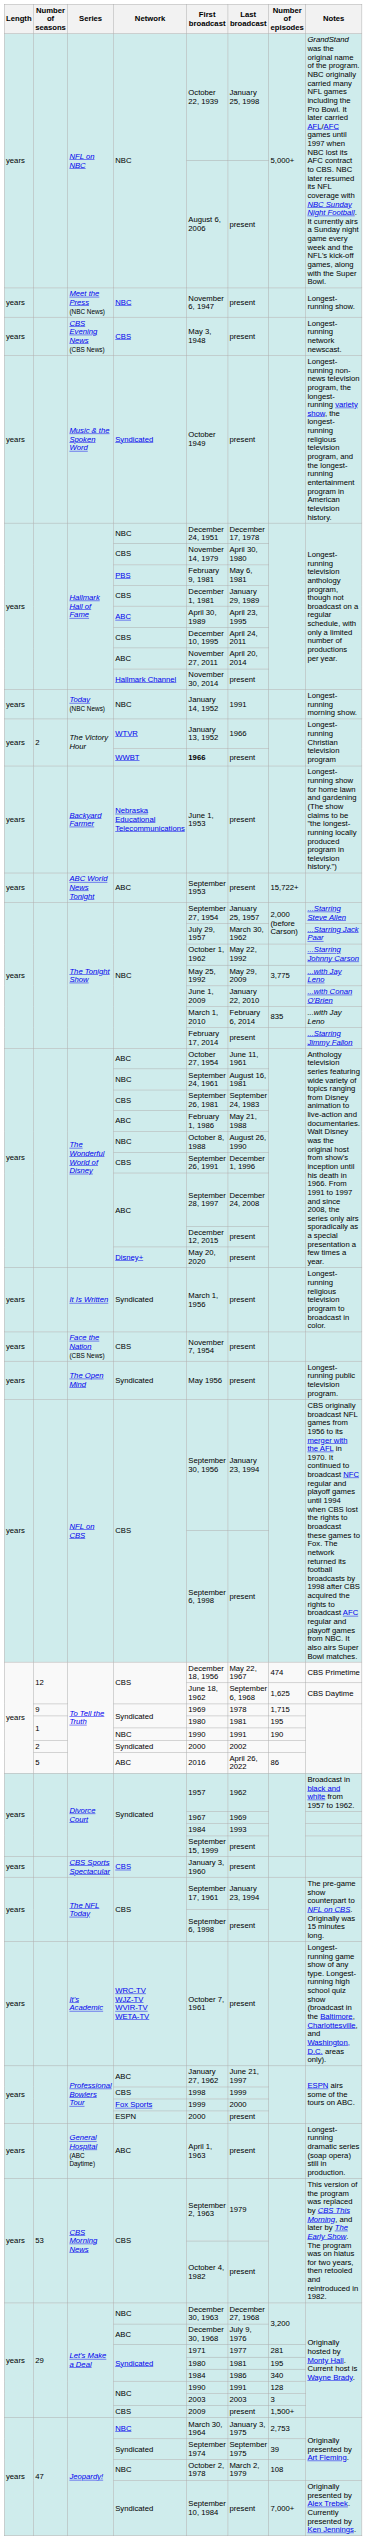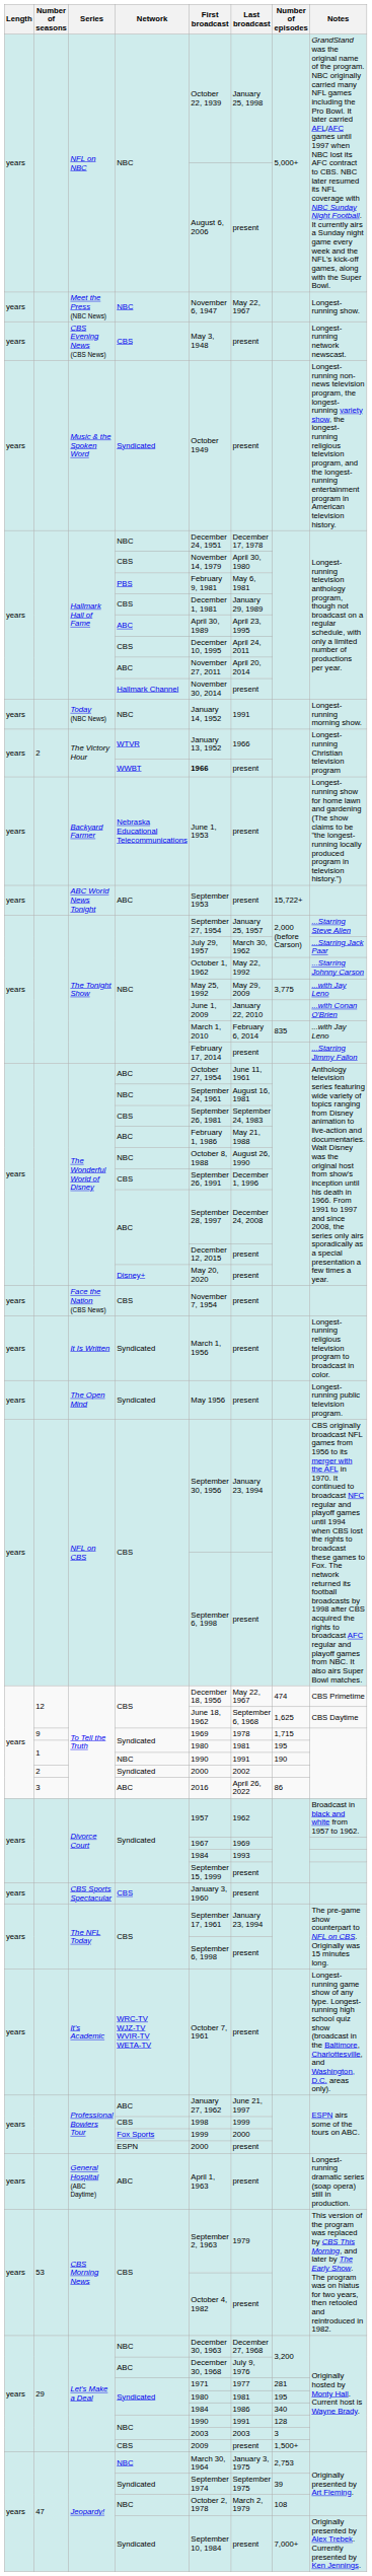 <table class="wikitable sortable">
 <tr>
 <th>Length</th>
 <th>Number of seasons</th>
 <th>Series</th>
 <th>Network</th>
 <th>First broadcast</th>
 <th>Last broadcast</th>
 <th data-sort- type="number">Number of episodes</th>
 <th class="unsortable">Notes</th>
 </tr>
 <tr style="background:#cfecec;">
 <td rowspan="2"> years</td>
 <td rowspan="2"></td>
 <td rowspan="2"><em><a href='#'>NFL on NBC</a></em></td>
 <td rowspan="2">NBC</td>
 <td>October 22, 1939</td>
 <td>January 25, 1998</td>
 <td rowspan="2">5,000+</td>
 <td rowspan="2"><em>GrandStand</em> was the original name of the program. NBC originally carried many NFL games including the Pro Bowl. It later carried <a href='#'>AFL</a>/<a href='#'>AFC</a> games until 1997 when NBC lost its AFC contract to CBS. NBC later resumed its NFL coverage with <em><a href='#'>NBC Sunday Night Football</a></em>. It currently airs a Sunday night game every week and the NFL's kick-off games, along with the Super Bowl.</td>
 </tr>
 <tr style="background:#cfecec;">
 <td>August 6, 2006</td>
 <td>present</td>
 </tr>
 <tr style="background:#cfecec;">
 <td> years</td>
 <td></td>
 <td><em><a href='#'>Meet the Press</a></em><br><small>(NBC News)</small></td>
 <td><a href='#'>NBC</a></td>
 <td>November 6, 1947</td>
-<td>present</td>
+<td>May 22, 1967</td>
 <td></td>
 <td>Longest-running show.</td>
 </tr>
 <tr style="background:#cfecec;">
 <td> years</td>
 <td></td>
 <td><em><a href='#'>CBS Evening News</a></em><br><small>(CBS News)</small><br></td>
 <td><a href='#'>CBS</a></td>
 <td>May 3, 1948</td>
 <td>present</td>
 <td></td>
 <td>Longest-running network newscast.</td>
 </tr>
 <tr style="background:#cfecec;">
 <td> years</td>
 <td></td>
 <td><em><a href='#'>Music & the Spoken Word</a></em></td>
 <td><a href='#'>Syndicated</a></td>
 <td>October 1949</td>
 <td>present</td>
 <td></td>
 <td>Longest-running non-news television program, the longest-running <a href='#'>variety show</a>, the longest-running religious television program, and the longest-running entertainment program in American television history.</td>
 </tr>
 <tr style="background:#cfecec;">
 <td rowspan="8"> years</td>
 <td rowspan="8"></td>
 <td rowspan="8"><em><a href='#'>Hallmark Hall of Fame</a></em></td>
 <td>NBC</td>
 <td>December 24, 1951</td>
 <td>December 17, 1978</td>
 <td rowspan="8"></td>
 <td rowspan="8">Longest-running television anthology program, though not broadcast on a regular schedule, with only a limited number of productions per year.</td>
 </tr>
 <tr style="background:#cfecec;">
 <td>CBS</td>
 <td>November 14, 1979</td>
 <td>April 30, 1980</td>
 </tr>
 <tr style="background:#cfecec;">
 <td><a href='#'>PBS</a></td>
 <td>February 9, 1981</td>
 <td>May 6, 1981</td>
 </tr>
 <tr style="background:#cfecec;">
 <td>CBS</td>
 <td>December 1, 1981</td>
 <td>January 29, 1989</td>
 </tr>
 <tr style="background:#cfecec;">
 <td><a href='#'>ABC</a></td>
 <td>April 30, 1989</td>
 <td>April 23, 1995</td>
 </tr>
 <tr style="background:#cfecec;">
 <td>CBS</td>
 <td>December 10, 1995</td>
 <td>April 24, 2011</td>
 </tr>
 <tr style="background:#cfecec;">
 <td>ABC</td>
 <td>November 27, 2011</td>
 <td>April 20, 2014</td>
 </tr>
 <tr style="background:#cfecec;">
 <td><a href='#'>Hallmark Channel</a></td>
 <td>November 30, 2014</td>
 <td>present</td>
 </tr>
 <tr style="background:#cfecec;">
 <td> years</td>
 <td></td>
 <td><em><a href='#'>Today</a></em> <br><small>(NBC News)</small><br></td>
 <td>NBC</td>
 <td>January 14, 1952</td>
 <td>1991</td>
 <td> </td>
 <td>Longest-running morning show.</td>
 </tr>
 <tr style="background:#cfecec;">
 <td rowspan="2"> years</td>
 <td rowspan="2">2</td>
 <td rowspan="2"><em>The Victory Hour</em></td>
 <td><a href='#'>WTVR</a></td>
 <td>January 13, 1952</td>
 <td>1966</td>
 <td rowspan="2"></td>
 <td rowspan="2">Longest-running Christian television program</td>
 </tr>
 <tr style="background:#cfecec;">
 <td><a href='#'>WWBT</a></td>
 <td><strong>1966</strong></td>
 <td>present</td>
 </tr>
 <tr style="background:#cfecec;">
 <td> years</td>
 <td></td>
 <td><em><a href='#'>Backyard Farmer</a></em></td>
 <td><a href='#'>Nebraska Educational Telecommunications</a></td>
 <td>June 1, 1953</td>
 <td>present</td>
 <td></td>
 <td>Longest-running show for home lawn and gardening (The show claims to be "the longest-running locally produced program in television history.")</td>
 </tr>
 <tr style="background:#cfecec;">
 <td> years</td>
 <td></td>
 <td><em><a href='#'>ABC World News Tonight</a></em></td>
 <td>ABC</td>
 <td>September 1953</td>
 <td>present</td>
 <td>15,722+</td>
 <td></td>
 </tr>
 <tr style="background:#cfecec;">
 <td rowspan="7"> years</td>
 <td rowspan="7"></td>
 <td rowspan="7"><em><a href='#'>The Tonight Show</a></em></td>
 <td rowspan="7">NBC</td>
 <td>September 27, 1954</td>
 <td>January 25, 1957</td>
 <td rowspan="2">2,000 (before Carson)</td>
 <td><em><a href='#'>...Starring Steve Allen</a></em></td>
 </tr>
 <tr style="background:#cfecec;">
 <td>July 29, 1957</td>
 <td>March 30, 1962</td>
 <td><em><a href='#'>...Starring Jack Paar</a></em></td>
 </tr>
 <tr style="background:#cfecec;">
 <td>October 1, 1962</td>
 <td>May 22, 1992</td>
 <td></td>
 <td><em><a href='#'>...Starring Johnny Carson</a></em></td>
 </tr>
 <tr style="background:#cfecec;">
 <td>May 25, 1992</td>
 <td>May 29, 2009</td>
 <td>3,775</td>
 <td><em><a href='#'>...with Jay Leno</a></em></td>
 </tr>
 <tr style="background:#cfecec;">
 <td>June 1, 2009</td>
 <td>January 22, 2010</td>
 <td></td>
 <td><em><a href='#'>...with Conan O'Brien</a></em></td>
 </tr>
 <tr style="background:#cfecec;">
 <td>March 1, 2010</td>
 <td>February 6, 2014</td>
 <td>835</td>
 <td><em>...with Jay Leno</em></td>
 </tr>
 <tr style="background:#cfecec;">
 <td>February 17, 2014</td>
 <td>present</td>
 <td></td>
 <td><em><a href='#'>...Starring Jimmy Fallon</a></em></td>
 </tr>
 <tr style="background:#cfecec;">
 <td rowspan="9"> years</td>
 <td rowspan="9"></td>
 <td rowspan="9"><em><a href='#'>The Wonderful World of Disney</a></em></td>
 <td>ABC</td>
 <td>October 27, 1954</td>
 <td>June 11, 1961</td>
 <td rowspan="9"></td>
 <td rowspan="9">Anthology television series featuring wide variety of topics ranging from Disney animation to live-action and documentaries. Walt Disney was the original host from show's inception until his death in 1966. From 1991 to 1997 and since 2008, the series only airs sporadically as a special presentation a few times a year.</td>
 </tr>
 <tr style="background:#cfecec;">
 <td>NBC</td>
 <td>September 24, 1961</td>
 <td>August 16, 1981</td>
 </tr>
 <tr style="background:#cfecec;">
 <td>CBS</td>
 <td>September 26, 1981</td>
 <td>September 24, 1983</td>
 </tr>
 <tr style="background:#cfecec;">
 <td>ABC</td>
 <td>February 1, 1986</td>
 <td>May 21, 1988</td>
 </tr>
 <tr style="background:#cfecec;">
 <td>NBC</td>
 <td>October 8, 1988</td>
 <td>August 26, 1990</td>
 </tr>
 <tr style="background:#cfecec;">
 <td>CBS</td>
 <td>September 26, 1991</td>
 <td>December 1, 1996</td>
 </tr>
 <tr style="background:#cfecec;">
 <td rowspan=2>ABC</td>
 <td>September 28, 1997</td>
 <td>December 24, 2008</td>
 </tr>
 <tr style="background:#cfecec;">
 <td>December 12, 2015</td>
 <td>present</td>
 </tr>
 <tr style="background:#cfecec;">
 <td><a href='#'>Disney+</a></td>
 <td>May 20, 2020</td>
 <td>present</td>
 </tr>
 <tr style="background:#cfecec;">
 <td> years</td>
 <td></td>
+<td><em><a href='#'>Face the Nation</a></em><br><small>(CBS News)</small></td>
+<td>CBS</td>
+<td>November 7, 1954</td>
+<td>present</td>
+<td></td>
+<td></td>
+</tr>
+<tr style="background:#cfecec;">
+<td> years</td>
+<td></td>
 <td><em><a href='#'>It Is Written</a></em></td>
 <td>Syndicated</td>
 <td>March 1, 1956</td>
 <td>present</td>
 <td></td>
 <td>Longest-running religious television program to broadcast in color.</td>
-</tr>
-<tr style="background:#cfecec;">
-<td> years</td>
-<td></td>
-<td><em><a href='#'>Face the Nation</a></em><br><small>(CBS News)</small></td>
-<td>CBS</td>
-<td>November 7, 1954</td>
-<td>present</td>
-<td></td>
-<td></td>
 </tr>
 <tr style="background:#cfecec;">
 <td> years</td>
 <td></td>
 <td><em><a href='#'>The Open Mind</a></em></td>
 <td>Syndicated</td>
 <td>May 1956</td>
 <td>present</td>
 <td></td>
 <td>Longest-running public television program.</td>
 </tr>
 <tr style="background:#cfecec;">
 <td rowspan="2"> years</td>
 <td rowspan="2"></td>
 <td rowspan="2"><em><a href='#'>NFL on CBS</a></em></td>
 <td rowspan="2">CBS</td>
 <td>September 30, 1956</td>
 <td>January 23, 1994</td>
 <td rowspan="2"></td>
 <td rowspan="2">CBS originally broadcast NFL games from 1956 to its <a href='#'>merger with the AFL</a> in 1970. It continued to broadcast <a href='#'>NFC</a> regular and playoff games until 1994 when CBS lost the rights to broadcast these games to Fox. The network returned its football broadcasts by 1998 after CBS acquired the rights to broadcast <a href='#'>AFC</a> regular and playoff games from NBC. It also airs Super Bowl matches.</td>
 </tr>
 <tr style="background:#cfecec;">
 <td>September 6, 1998</td>
 <td>present</td>
 </tr>
 <tr>
 <td rowspan="7"> years</td>
 <td rowspan="2">12</td>
 <td rowspan="7"><em><a href='#'>To Tell the Truth</a></em></td>
 <td rowspan="2">CBS</td>
 <td>December 18, 1956</td>
 <td>May 22, 1967</td>
 <td>474</td>
 <td>CBS Primetime</td>
 </tr>
 <tr>
 <td>June 18, 1962</td>
 <td>September 6, 1968</td>
 <td>1,625</td>
 <td>CBS Daytime</td>
 </tr>
 <tr>
 <td>9</td>
 <td rowspan="2">Syndicated</td>
 <td>1969</td>
 <td>1978</td>
 <td>1,715</td>
 <td rowspan="5"></td>
 </tr>
 <tr>
 <td rowspan="2">1</td>
 <td>1980</td>
 <td>1981</td>
 <td>195</td>
 </tr>
 <tr>
 <td>NBC</td>
 <td>1990</td>
 <td>1991</td>
 <td>190</td>
 </tr>
 <tr>
 <td>2</td>
 <td>Syndicated</td>
 <td>2000</td>
 <td>2002</td>
 <td></td>
 </tr>
 <tr>
-<td>5</td>
+<td>3</td>
 <td>ABC</td>
 <td>2016</td>
 <td>April 26, 2022</td>
 <td>86</td>
 </tr>
 <tr style="background:#cfecec;">
 <td rowspan="4"> years</td>
 <td rowspan="4"></td>
 <td rowspan="4"><em><a href='#'>Divorce Court</a></em></td>
 <td rowspan="4">Syndicated</td>
 <td>1957</td>
 <td>1962</td>
 <td rowspan="4"></td>
 <td>Broadcast in <a href='#'>black and white</a> from 1957 to 1962.</td>
 </tr>
 <tr style="background:#cfecec;">
 <td>1967</td>
 <td>1969</td>
 <td></td>
 </tr>
 <tr style="background:#cfecec;">
 <td>1984</td>
 <td>1993</td>
 <td></td>
 </tr>
 <tr style="background:#cfecec;">
 <td>September 15, 1999</td>
 <td>present</td>
 <td></td>
 </tr>
 <tr style="background:#cfecec;">
 <td> years</td>
 <td></td>
 <td><em><a href='#'>CBS Sports Spectacular</a></em></td>
 <td><a href='#'>CBS</a></td>
 <td>January 3, 1960</td>
 <td>present</td>
 <td></td>
 <td></td>
 </tr>
 <tr style="background:#cfecec;">
 <td rowspan=2> years</td>
 <td rowspan=2></td>
 <td rowspan=2><em><a href='#'>The NFL Today</a></em></td>
 <td rowspan=2>CBS</td>
 <td>September 17, 1961</td>
 <td>January 23, 1994</td>
 <td rowspan=2></td>
 <td rowspan=2>The pre-game show counterpart to <em><a href='#'>NFL on CBS</a></em>. Originally was 15 minutes long.</td>
 </tr>
 <tr style="background:#cfecec;">
 <td>September 6, 1998</td>
 <td>present</td>
 </tr>
 <tr style="background:#cfecec;">
 <td> years</td>
 <td></td>
 <td><em><a href='#'>It's Academic</a></em></td>
 <td><a href='#'>WRC-TV</a><br><a href='#'>WJZ-TV</a><br><a href='#'>WVIR-TV</a><br><a href='#'>WETA-TV</a></td>
 <td>October 7, 1961</td>
 <td>present</td>
 <td></td>
 <td>Longest-running game show of any type. Longest-running high school quiz show (broadcast in the <a href='#'>Baltimore</a>, <a href='#'>Charlottesville</a>, and <a href='#'>Washington, D.C.</a> areas only).</td>
 </tr>
 <tr style="background:#cfecec;">
 <td rowspan="4"> years</td>
 <td rowspan="4"></td>
 <td rowspan="4"><em><a href='#'>Professional Bowlers Tour</a></em></td>
 <td>ABC</td>
 <td>January 27, 1962</td>
 <td>June 21, 1997</td>
 <td rowspan="4"></td>
 <td rowspan="4"><a href='#'>ESPN</a> airs some of the tours on ABC.</td>
 </tr>
 <tr style="background:#cfecec;">
 <td>CBS</td>
 <td>1998</td>
 <td>1999</td>
 </tr>
 <tr style="background:#cfecec;">
 <td><a href='#'>Fox Sports</a></td>
 <td>1999</td>
 <td>2000</td>
 </tr>
 <tr style="background:#cfecec;">
 <td>ESPN</td>
 <td>2000</td>
 <td>present</td>
 </tr>
 <tr style="background:#cfecec;">
 <td> years</td>
 <td></td>
 <td><em><a href='#'>General Hospital</a></em><br><small>(ABC Daytime)</small></td>
 <td>ABC</td>
 <td>April 1, 1963</td>
 <td>present</td>
 <td></td>
 <td>Longest-running dramatic series (soap opera) still in production.<br></td>
 </tr>
 <tr style="background:#cfecec;">
 <td rowspan="2"> years</td>
 <td rowspan="2">53</td>
 <td rowspan="2"><em><a href='#'>CBS Morning News</a></em></td>
 <td rowspan="2">CBS</td>
 <td>September 2, 1963</td>
 <td>1979</td>
 <td rowspan="2"></td>
 <td rowspan="2">This version of the program was replaced by <em><a href='#'>CBS This Morning</a></em>, and later by <em><a href='#'>The Early Show</a></em>. The program was on hiatus for two years, then retooled and reintroduced in 1982.</td>
 </tr>
 <tr style="background:#cfecec;">
 <td>October 4, 1982</td>
 <td>present</td>
 </tr>
 <tr style="background:#cfecec;">
 <td rowspan="8"> years</td>
 <td rowspan="8">29</td>
 <td rowspan="8"><em><a href='#'>Let's Make a Deal</a></em></td>
 <td>NBC</td>
 <td>December 30, 1963</td>
 <td>December 27, 1968</td>
 <td rowspan="2">3,200</td>
 <td rowspan="8">Originally hosted by <a href='#'>Monty Hall</a>. Current host is <a href='#'>Wayne Brady</a>.</td>
 </tr>
 <tr style="background:#cfecec;">
 <td>ABC</td>
 <td>December 30, 1968</td>
 <td>July 9, 1976</td>
 </tr>
 <tr style="background:#cfecec;">
 <td rowspan="3"><a href='#'>Syndicated</a></td>
 <td>1971</td>
 <td>1977</td>
 <td>281</td>
 </tr>
 <tr style="background:#cfecec;">
 <td>1980</td>
 <td>1981</td>
 <td>195</td>
 </tr>
 <tr style="background:#cfecec;">
 <td>1984</td>
 <td>1986</td>
 <td>340</td>
 </tr>
 <tr style="background:#cfecec;">
 <td rowspan="2">NBC</td>
 <td>1990</td>
 <td>1991</td>
 <td>128</td>
 </tr>
 <tr style="background:#cfecec;">
 <td>2003</td>
 <td>2003</td>
 <td>3</td>
 </tr>
 <tr style="background:#cfecec;">
 <td>CBS</td>
 <td>2009</td>
 <td>present</td>
 <td>1,500+</td>
 </tr>
 <tr style="background:#cfecec;">
 <td rowspan="4"> years</td>
 <td rowspan="4">47</td>
 <td rowspan="4"><em><a href='#'>Jeopardy!</a></em></td>
 <td><a href='#'>NBC</a></td>
 <td>March 30, 1964</td>
 <td>January 3, 1975</td>
 <td>2,753</td>
 <td rowspan="3">Originally presented by <a href='#'>Art Fleming</a>.</td>
 </tr>
 <tr style="background:#cfecec;">
 <td>Syndicated</td>
 <td>September 1974</td>
 <td>September 1975</td>
 <td>39</td>
 </tr>
 <tr style="background:#cfecec;">
 <td>NBC</td>
 <td>October 2, 1978</td>
 <td>March 2, 1979</td>
 <td>108</td>
 </tr>
 <tr style="background:#cfecec;">
 <td>Syndicated</td>
 <td>September 10, 1984</td>
 <td>present</td>
 <td>7,000+ </td>
 <td>Originally presented by <a href='#'>Alex Trebek</a>. Currently presented by <a href='#'>Ken Jennings</a>.</td>
 </tr>
 </table>
